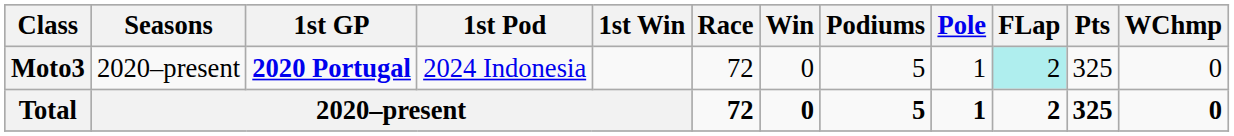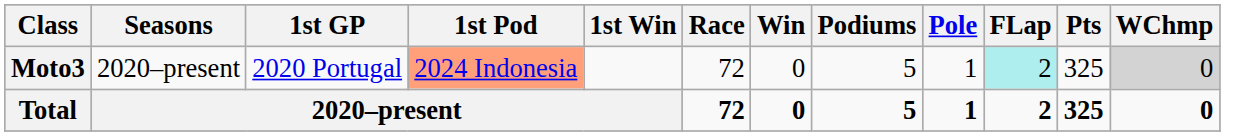 <table class="wikitable" style="text-align:right;">
 <tr>
 <th>Class</th>
 <th>Seasons</th>
 <th>1st GP</th>
 <th>1st Pod</th>
 <th>1st Win</th>
 <th>Race</th>
 <th>Win</th>
 <th>Podiums</th>
 <th><a href='#'>Pole</a></th>
 <th>FLap</th>
 <th>Pts</th>
 <th>WChmp</th>
 </tr>
 <tr>
 <th>Moto3</th>
 <td>2020–present</td>
-<td style="text-align:left;"><strong><a href='#'>2020 Portugal</a></strong></td>
-<td style="text-align:left;"><a href='#'>2024 Indonesia</a></td>
+<td style="text-align:left;"><a href='#'>2020 Portugal</a></td>
+<td style="background: lightsalmon; text-align:left;"><a href='#'>2024 Indonesia</a></td>
 <td style="text-align:left;"></td>
 <td>72</td>
 <td>0</td>
 <td>5</td>
 <td>1</td>
 <td style="background: paleturquoise;">2</td>
 <td>325</td>
-<td>0</td>
+<td style="background: lightgrey;">0</td>
 </tr>
 <tr>
 <th>Total</th>
 <th colspan="4">2020–present</th>
 <td><strong>72</strong></td>
 <td><strong>0</strong></td>
 <td><strong>5</strong></td>
 <td><strong>1</strong></td>
 <td><strong>2</strong></td>
 <td><strong>325</strong></td>
 <td><strong>0</strong></td>
 </tr>
 </table>
